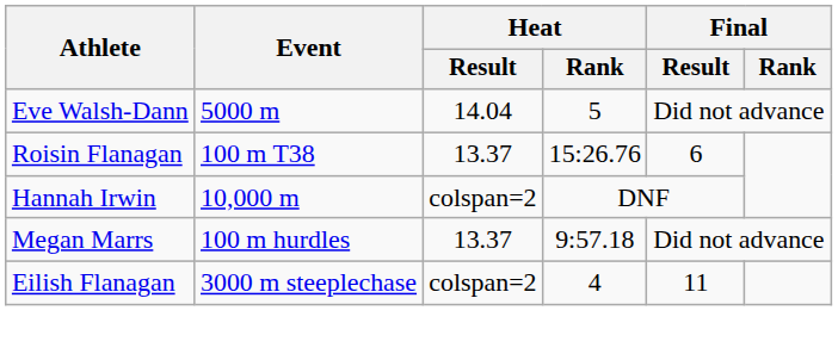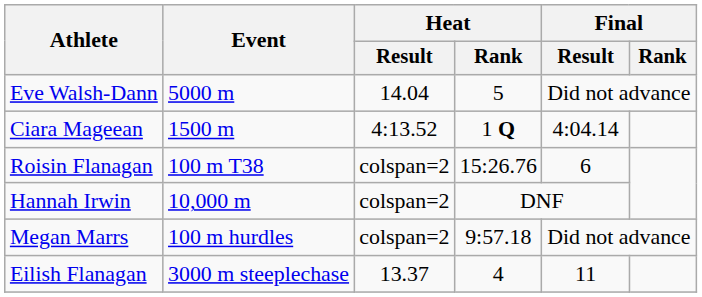 <table class="wikitable" style="font-size:90%; text-align:center">
 <tr>
 <th rowspan=2>Athlete</th>
 <th rowspan=2>Event</th>
 <th colspan=2>Heat</th>
 <th colspan=2>Final</th>
 </tr>
 <tr style="font-size:95%">
 <th>Result</th>
 <th>Rank</th>
 <th>Result</th>
 <th>Rank</th>
 </tr>
 <tr>
 <td align=left><a href='#'>Eve Walsh-Dann</a></td>
 <td align=left rowspan=1><a href='#'>5000 m</a></td>
 <td>14.04</td>
 <td>5</td>
 <td colspan="2">Did not advance</td>
 </tr>
 <tr>
+<td align=left><a href='#'>Ciara Mageean</a></td>
+<td align=left><a href='#'>1500 m</a></td>
+<td>4:13.52</td>
+<td>1 <strong>Q</strong></td>
+<td>4:04.14</td>
+<td></td>
+</tr>
+<tr>
 <td align=left><a href='#'>Roisin Flanagan</a></td>
 <td align=left><a href='#'>100 m T38</a></td>
-<td>13.37</td>
+<td>colspan=2 </td>
 <td>15:26.76</td>
 <td>6</td>
 </tr>
 <tr>
 <td align=left><a href='#'>Hannah Irwin</a></td>
 <td align=left><a href='#'>10,000 m</a></td>
 <td>colspan=2 </td>
 <td colspan="2">DNF</td>
 </tr>
 <tr>
 <td align=left><a href='#'>Megan Marrs</a></td>
 <td align=left><a href='#'>100 m hurdles</a></td>
-<td>13.37</td>
+<td>colspan=2 </td>
 <td>9:57.18</td>
 <td colspan="2">Did not advance</td>
 </tr>
 <tr>
 <td align=left><a href='#'>Eilish Flanagan</a></td>
 <td align=left><a href='#'>3000 m steeplechase</a></td>
-<td>colspan=2 </td>
+<td>13.37</td>
 <td>4</td>
 <td>11</td>
 </tr>
 </table>
